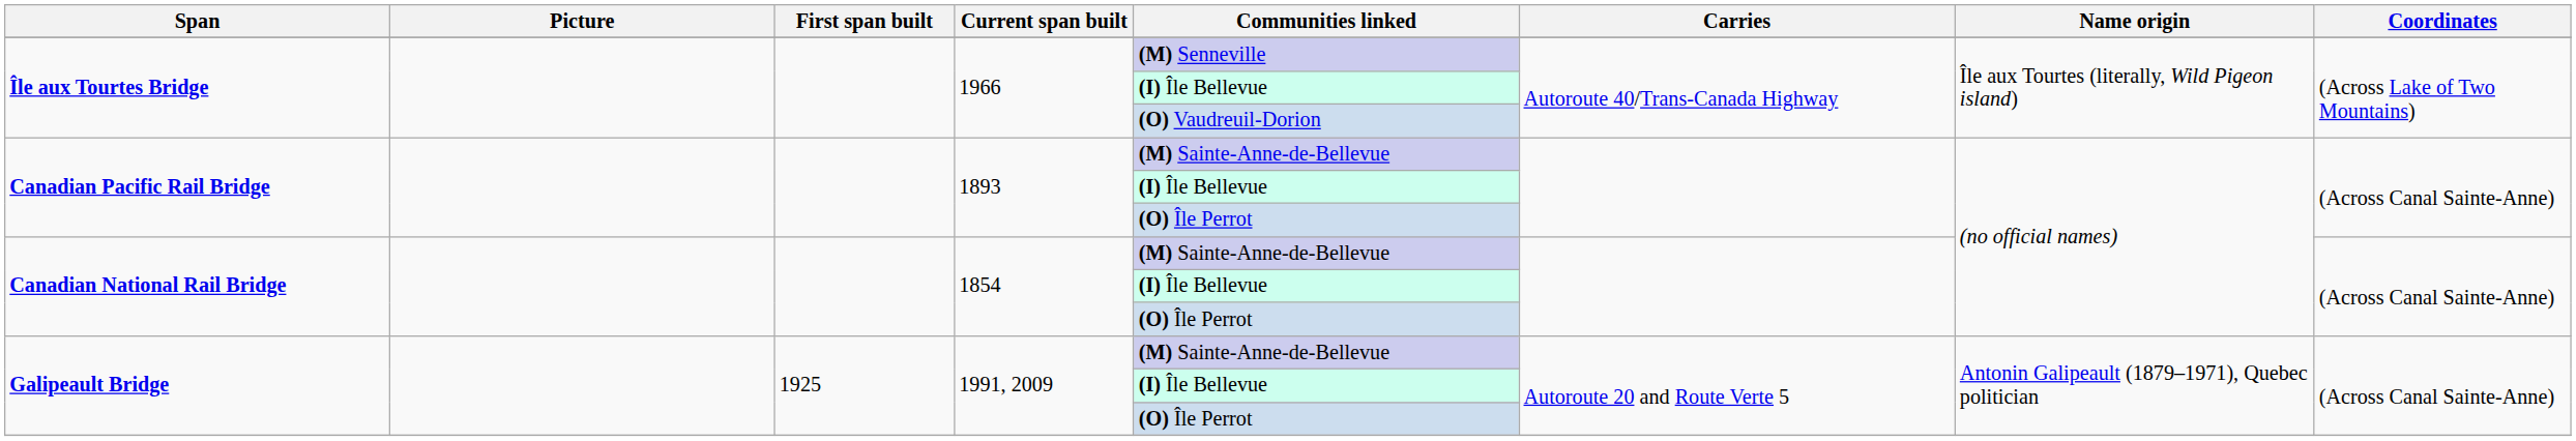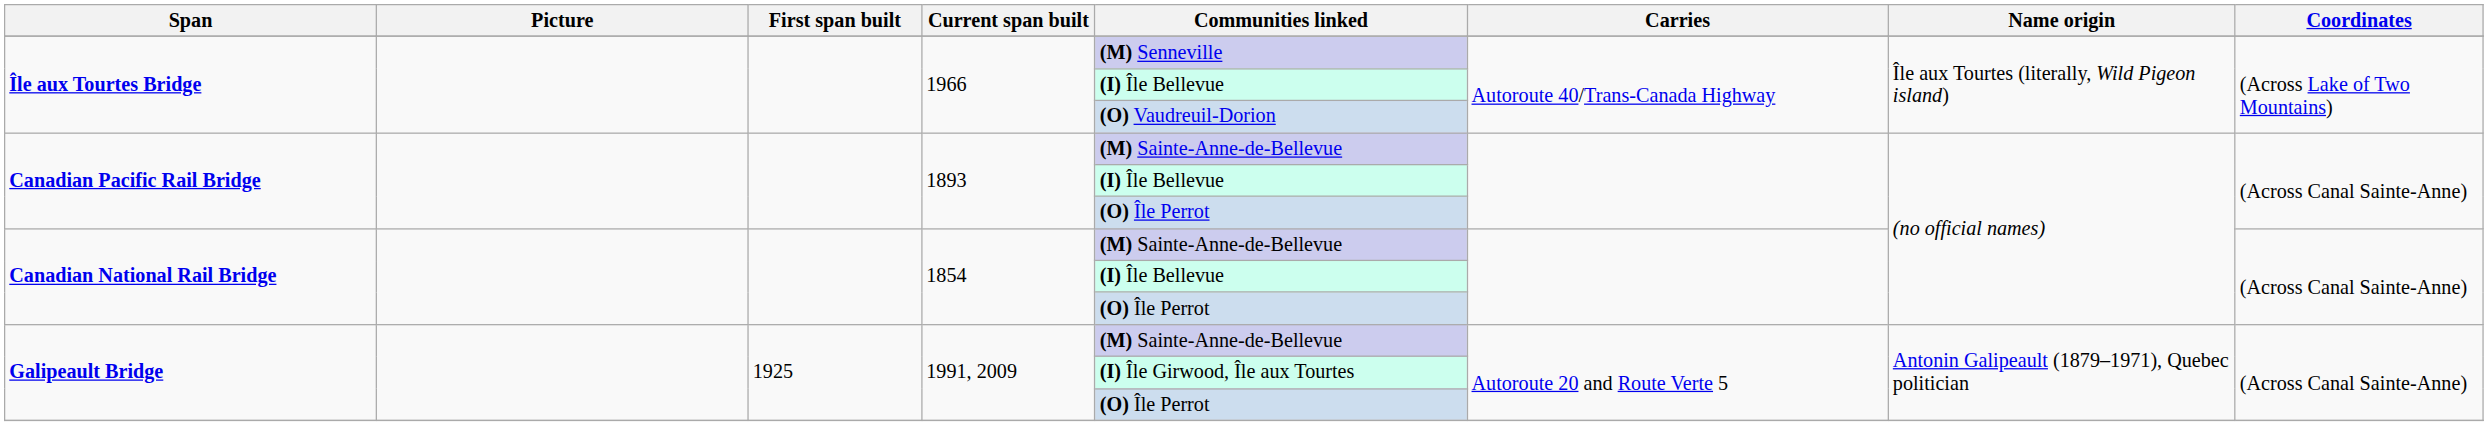 <table class=wikitable>
 <tr>
 <th width="15%">Span</th>
 <th width="15%">Picture</th>
 <th width="7%">First span built</th>
 <th width="7%">Current span built</th>
 <th width="15%">Communities linked</th>
 <th width="17%">Carries</th>
 <th width="14%">Name origin</th>
 <th width="10%"><a href='#'>Coordinates</a></th>
 </tr>
 <tr>
 </tr>
 <tr>
 <td rowspan="3"><strong><a href='#'>Île aux Tourtes Bridge</a></strong></td>
 <td rowspan="3"></td>
 <td rowspan="3"></td>
 <td rowspan="3">1966</td>
 <td style="background:#ccccee;"><strong>(M)</strong> <a href='#'>Senneville</a></td>
 <td rowspan="3"> <br> <a href='#'>Autoroute 40</a>/<a href='#'>Trans-Canada Highway</a></td>
 <td rowspan="3">Île aux Tourtes (literally, <em>Wild Pigeon island</em>)</td>
 <td rowspan="3"><br>(Across <a href='#'>Lake of Two Mountains</a>)</td>
 </tr>
 <tr>
 <td style="background:#ccffee;"><strong>(I)</strong> Île Bellevue</td>
 </tr>
 <tr>
 <td style="background:#ccddee;"><strong>(O)</strong> <a href='#'>Vaudreuil-Dorion</a></td>
 </tr>
 <tr>
 <td rowspan="3"><strong><a href='#'>Canadian Pacific Rail Bridge</a></strong></td>
 <td rowspan="3"></td>
 <td rowspan="3"></td>
 <td rowspan="3">1893</td>
 <td style="background:#ccccee;"><strong>(M)</strong> <a href='#'>Sainte-Anne-de-Bellevue</a></td>
 <td rowspan="3"></td>
 <td rowspan="6"><em>(no official names)</em></td>
 <td rowspan="3"><br>(Across Canal Sainte-Anne)</td>
 </tr>
 <tr>
 <td style="background:#ccffee;"><strong>(I)</strong> Île Bellevue</td>
 </tr>
 <tr>
 <td style="background:#ccddee;"><strong>(O)</strong> <a href='#'>Île Perrot</a></td>
 </tr>
 <tr>
 <td rowspan="3"><strong><a href='#'>Canadian National Rail Bridge</a></strong></td>
 <td rowspan="3"></td>
 <td rowspan="3"></td>
 <td rowspan="3">1854</td>
 <td style="background:#ccccee;"><strong>(M)</strong> Sainte-Anne-de-Bellevue</td>
 <td rowspan="3"></td>
 <td rowspan="3"><br>(Across Canal Sainte-Anne)</td>
 </tr>
 <tr>
 <td style="background:#ccffee;"><strong>(I)</strong> Île Bellevue</td>
 </tr>
 <tr>
 <td style="background:#ccddee;"><strong>(O)</strong> Île Perrot</td>
 </tr>
 <tr>
 <td rowspan="3"><strong><a href='#'>Galipeault Bridge</a></strong></td>
 <td rowspan="3"></td>
 <td rowspan="3">1925</td>
 <td rowspan="3">1991, 2009</td>
 <td style="background:#ccccee;"><strong>(M)</strong> Sainte-Anne-de-Bellevue</td>
 <td rowspan="3"><br> <a href='#'>Autoroute 20</a> and <a href='#'>Route Verte</a> 5</td>
 <td rowspan="3"><a href='#'>Antonin Galipeault</a> (1879–1971), Quebec politician</td>
 <td rowspan="3"><br>(Across Canal Sainte-Anne)</td>
 </tr>
 <tr>
-<td style="background:#ccffee;"><strong>(I)</strong> Île Bellevue</td>
+<td style="background:#ccffee;"><strong>(I)</strong> Île Girwood, Île aux Tourtes</td>
 </tr>
 <tr>
 <td style="background:#ccddee;"><strong>(O)</strong> Île Perrot</td>
 </tr>
 <tr>
 </tr>
 </table>
